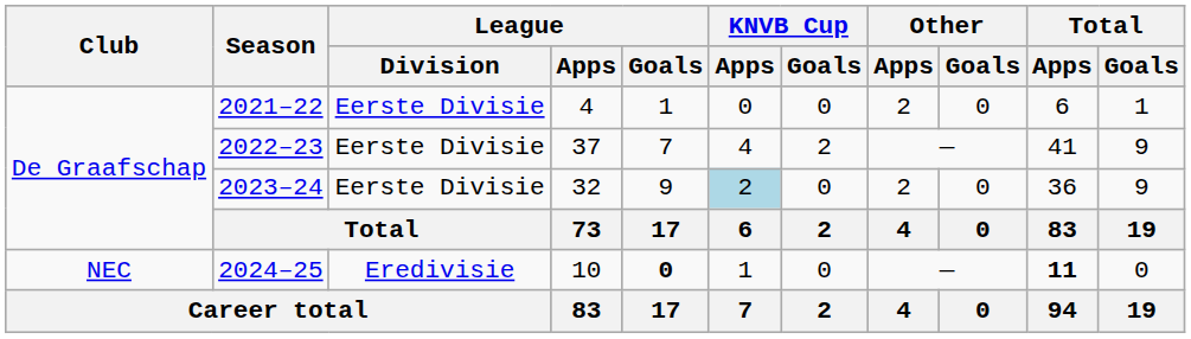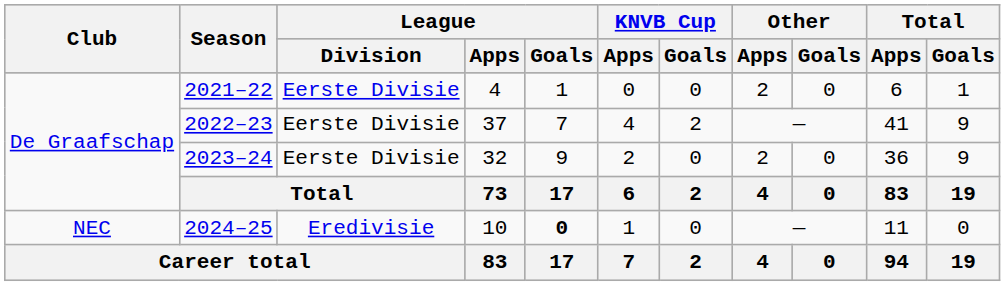 <table class="wikitable" style="text-align:center">
 <tr>
 <th rowspan="2">Club</th>
 <th rowspan="2">Season</th>
 <th colspan="3">League</th>
 <th colspan="2"><a href='#'>KNVB Cup</a></th>
 <th colspan="2">Other</th>
 <th colspan="2">Total</th>
 </tr>
 <tr>
 <th>Division</th>
 <th>Apps</th>
 <th>Goals</th>
 <th>Apps</th>
 <th>Goals</th>
 <th>Apps</th>
 <th>Goals</th>
 <th>Apps</th>
 <th>Goals</th>
 </tr>
 <tr>
 <td rowspan="4"><a href='#'>De Graafschap</a></td>
 <td><a href='#'>2021–22</a></td>
 <td><a href='#'>Eerste Divisie</a></td>
 <td>4</td>
 <td>1</td>
 <td>0</td>
 <td>0</td>
 <td>2</td>
 <td>0</td>
 <td>6</td>
 <td>1</td>
 </tr>
 <tr>
 <td><a href='#'>2022–23</a></td>
 <td>Eerste Divisie</td>
 <td>37</td>
 <td>7</td>
 <td>4</td>
 <td>2</td>
 <td colspan="2">—</td>
 <td>41</td>
 <td>9</td>
 </tr>
 <tr>
 <td><a href='#'>2023–24</a></td>
 <td>Eerste Divisie</td>
 <td>32</td>
 <td>9</td>
-<td style="background: lightblue;">2</td>
+<td>2</td>
 <td>0</td>
 <td>2</td>
 <td>0</td>
 <td>36</td>
 <td>9</td>
 </tr>
 <tr>
 <th colspan="2">Total</th>
 <th>73</th>
 <th>17</th>
 <th>6</th>
 <th>2</th>
 <th>4</th>
 <th>0</th>
 <th>83</th>
 <th>19</th>
 </tr>
 <tr>
 <td><a href='#'>NEC</a></td>
 <td><a href='#'>2024–25</a></td>
 <td><a href='#'>Eredivisie</a></td>
 <td>10</td>
 <td><strong>0</strong></td>
 <td>1</td>
 <td>0</td>
 <td colspan="2">—</td>
-<td><strong>11</strong></td>
+<td>11</td>
 <td>0</td>
 </tr>
 <tr>
 <th colspan="3">Career total</th>
 <th>83</th>
 <th>17</th>
 <th>7</th>
 <th>2</th>
 <th>4</th>
 <th>0</th>
 <th>94</th>
 <th>19</th>
 </tr>
 </table>
